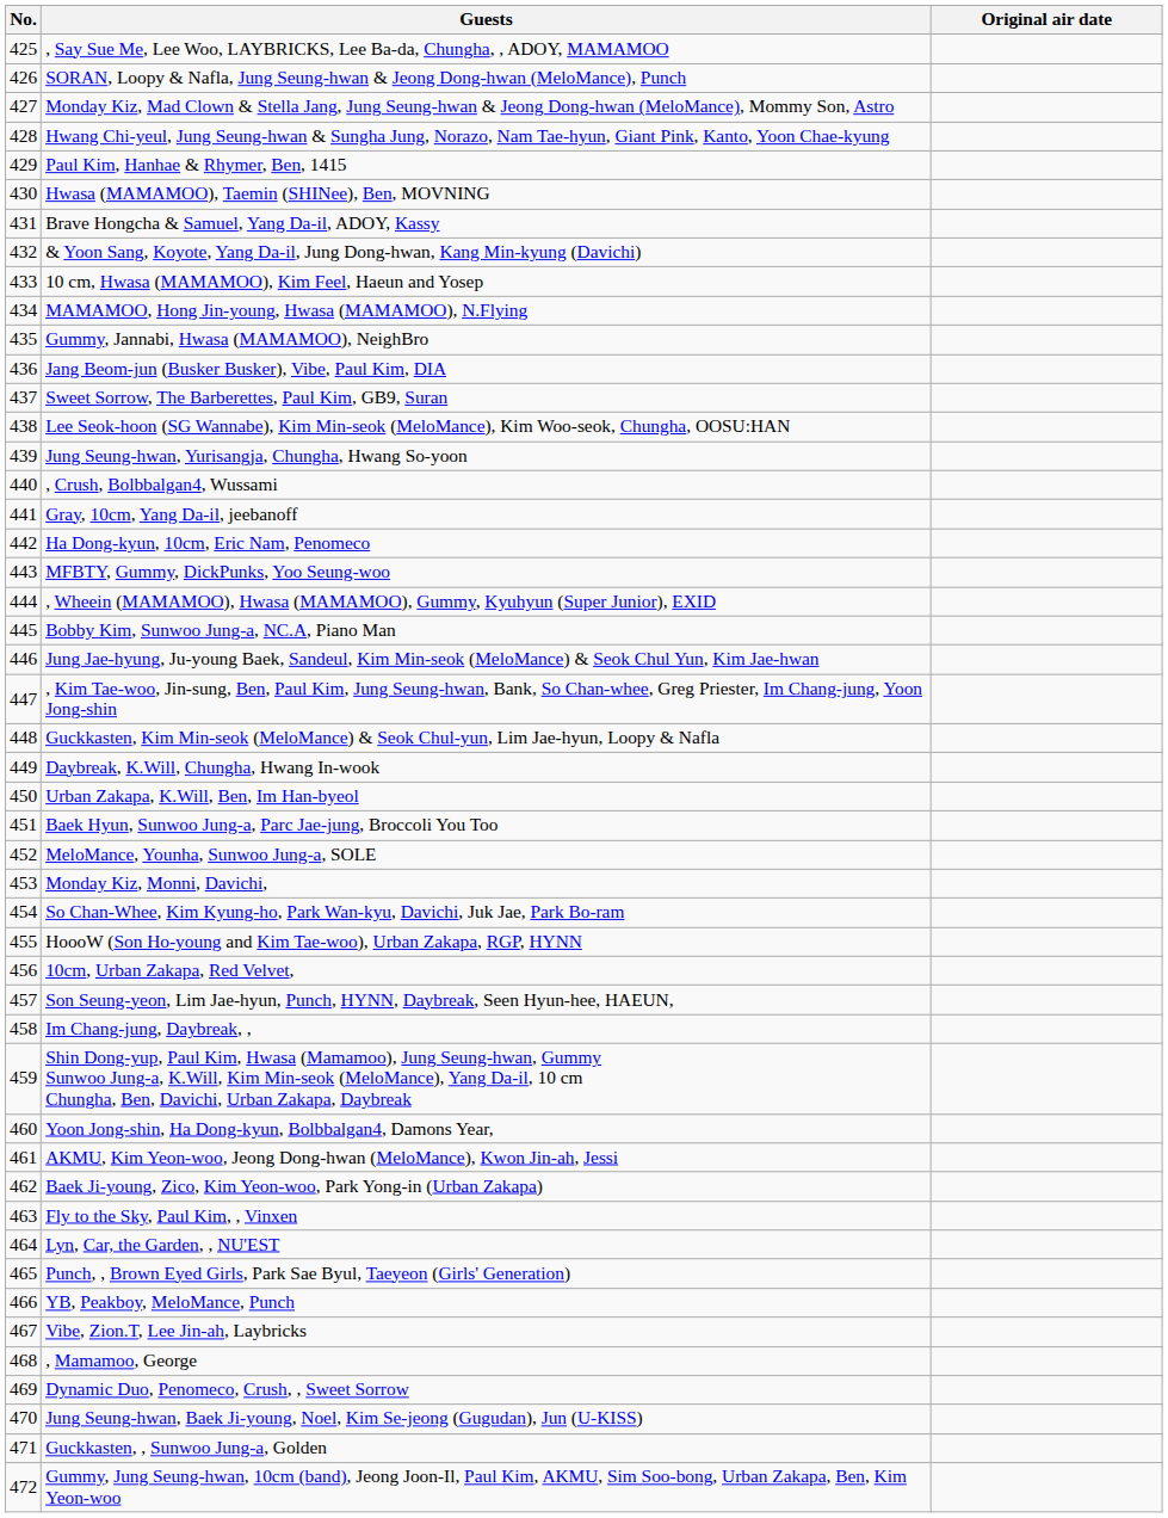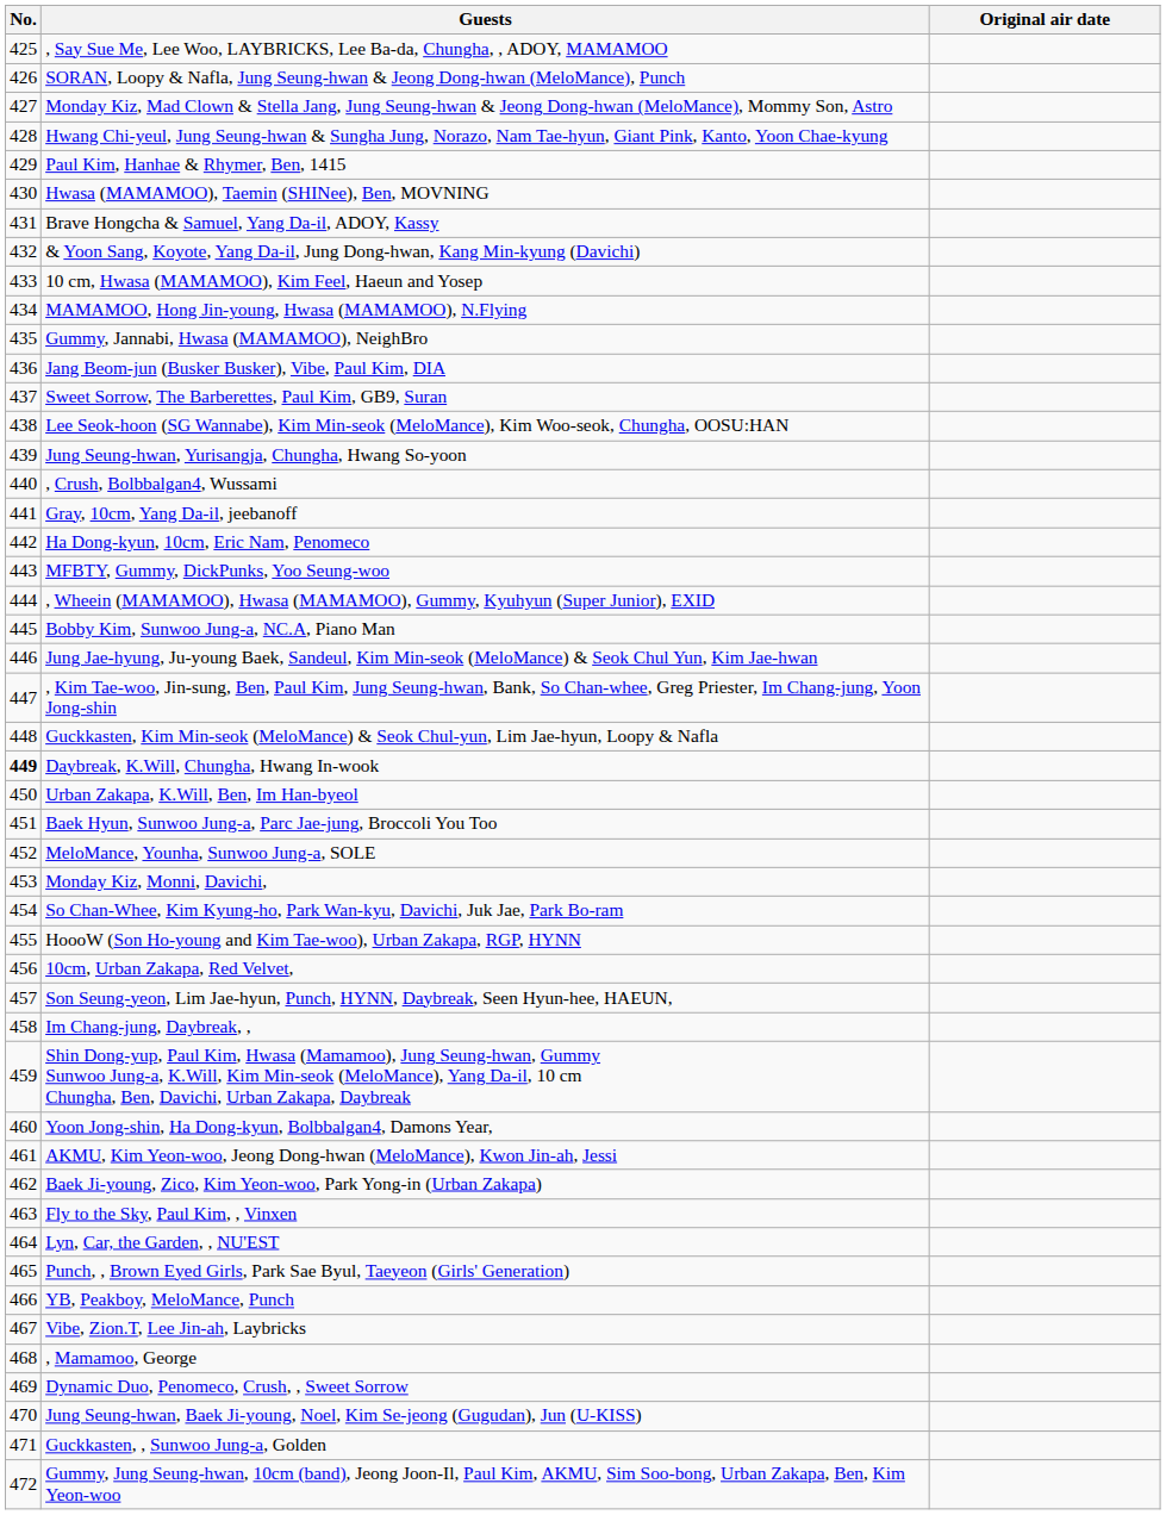 <table class="wikitable" style="width:80%; style="text-align:center" margin:auto; background:#FFFFFF;">
 <tr>
 <th>No.</th>
 <th>Guests</th>
 <th width="20%">Original air date</th>
 </tr>
 <tr>
 <td>425</td>
 <td>, <a href='#'>Say Sue Me</a>, Lee Woo, LAYBRICKS, Lee Ba-da, <a href='#'>Chungha</a>, , ADOY, <a href='#'>MAMAMOO</a></td>
 <td></td>
 </tr>
 <tr>
 <td>426</td>
 <td><a href='#'>SORAN</a>, Loopy & Nafla, <a href='#'>Jung Seung-hwan</a> & <a href='#'>Jeong Dong-hwan (MeloMance)</a>, <a href='#'>Punch</a></td>
 <td></td>
 </tr>
 <tr>
 <td>427</td>
 <td><a href='#'>Monday Kiz</a>, <a href='#'>Mad Clown</a> & <a href='#'>Stella Jang</a>, <a href='#'>Jung Seung-hwan</a> & <a href='#'>Jeong Dong-hwan (MeloMance)</a>, Mommy Son, <a href='#'>Astro</a></td>
 <td></td>
 </tr>
 <tr>
 <td>428</td>
 <td><a href='#'>Hwang Chi-yeul</a>, <a href='#'>Jung Seung-hwan</a> & <a href='#'>Sungha Jung</a>, <a href='#'>Norazo</a>, <a href='#'>Nam Tae-hyun</a>, <a href='#'>Giant Pink</a>, <a href='#'>Kanto</a>, <a href='#'>Yoon Chae-kyung</a></td>
 <td></td>
 </tr>
 <tr>
 <td>429</td>
 <td><a href='#'>Paul Kim</a>, <a href='#'>Hanhae</a> & <a href='#'>Rhymer</a>, <a href='#'>Ben</a>, 1415</td>
 <td></td>
 </tr>
 <tr>
 <td>430</td>
 <td><a href='#'>Hwasa</a> (<a href='#'>MAMAMOO</a>), <a href='#'>Taemin</a> (<a href='#'>SHINee</a>), <a href='#'>Ben</a>, MOVNING</td>
 <td></td>
 </tr>
 <tr>
 <td>431</td>
 <td>Brave Hongcha & <a href='#'>Samuel</a>, <a href='#'>Yang Da-il</a>, ADOY, <a href='#'>Kassy</a></td>
 <td></td>
 </tr>
 <tr>
 <td>432</td>
 <td> & <a href='#'>Yoon Sang</a>, <a href='#'>Koyote</a>, <a href='#'>Yang Da-il</a>, Jung Dong-hwan, <a href='#'>Kang Min-kyung</a> (<a href='#'>Davichi</a>)</td>
 <td></td>
 </tr>
 <tr>
 <td>433</td>
 <td>10 cm, <a href='#'>Hwasa</a> (<a href='#'>MAMAMOO</a>), <a href='#'>Kim Feel</a>, Haeun and Yosep</td>
 <td></td>
 </tr>
 <tr>
 <td>434</td>
 <td><a href='#'>MAMAMOO</a>, <a href='#'>Hong Jin-young</a>, <a href='#'>Hwasa</a> (<a href='#'>MAMAMOO</a>), <a href='#'>N.Flying</a></td>
 <td></td>
 </tr>
 <tr>
 <td>435</td>
 <td><a href='#'>Gummy</a>, Jannabi, <a href='#'>Hwasa</a> (<a href='#'>MAMAMOO</a>), NeighBro</td>
 <td></td>
 </tr>
 <tr>
 <td>436</td>
 <td><a href='#'>Jang Beom-jun</a> (<a href='#'>Busker Busker</a>), <a href='#'>Vibe</a>, <a href='#'>Paul Kim</a>, <a href='#'>DIA</a></td>
 <td></td>
 </tr>
 <tr>
 <td>437</td>
 <td><a href='#'>Sweet Sorrow</a>, <a href='#'>The Barberettes</a>, <a href='#'>Paul Kim</a>, GB9, <a href='#'>Suran</a></td>
 <td></td>
 </tr>
 <tr>
 <td>438</td>
 <td><a href='#'>Lee Seok-hoon</a> (<a href='#'>SG Wannabe</a>), <a href='#'>Kim Min-seok</a> (<a href='#'>MeloMance</a>), Kim Woo-seok, <a href='#'>Chungha</a>, OOSU:HAN</td>
 <td></td>
 </tr>
 <tr>
 <td>439</td>
 <td><a href='#'>Jung Seung-hwan</a>, <a href='#'>Yurisangja</a>, <a href='#'>Chungha</a>, Hwang So-yoon</td>
 <td></td>
 </tr>
 <tr>
 <td>440</td>
 <td>, <a href='#'>Crush</a>, <a href='#'>Bolbbalgan4</a>, Wussami</td>
 <td></td>
 </tr>
 <tr>
 <td>441</td>
 <td><a href='#'>Gray</a>, <a href='#'>10cm</a>, <a href='#'>Yang Da-il</a>, jeebanoff</td>
 <td></td>
 </tr>
 <tr>
 <td>442</td>
 <td><a href='#'>Ha Dong-kyun</a>, <a href='#'>10cm</a>, <a href='#'>Eric Nam</a>, <a href='#'>Penomeco</a></td>
 <td></td>
 </tr>
 <tr>
 <td>443</td>
 <td><a href='#'>MFBTY</a>, <a href='#'>Gummy</a>, <a href='#'>DickPunks</a>, <a href='#'>Yoo Seung-woo</a></td>
 <td></td>
 </tr>
 <tr>
 <td>444</td>
 <td>, <a href='#'>Wheein</a> (<a href='#'>MAMAMOO</a>), <a href='#'>Hwasa</a> (<a href='#'>MAMAMOO</a>), <a href='#'>Gummy</a>, <a href='#'>Kyuhyun</a> (<a href='#'>Super Junior</a>), <a href='#'>EXID</a></td>
 <td></td>
 </tr>
 <tr>
 <td>445</td>
 <td><a href='#'>Bobby Kim</a>, <a href='#'>Sunwoo Jung-a</a>, <a href='#'>NC.A</a>, Piano Man</td>
 <td></td>
 </tr>
 <tr>
 <td>446</td>
 <td><a href='#'>Jung Jae-hyung</a>, Ju-young Baek, <a href='#'>Sandeul</a>, <a href='#'>Kim Min-seok</a> (<a href='#'>MeloMance</a>) & <a href='#'>Seok Chul Yun</a>, <a href='#'>Kim Jae-hwan</a></td>
 <td></td>
 </tr>
 <tr>
 <td>447</td>
 <td>, <a href='#'>Kim Tae-woo</a>, Jin-sung, <a href='#'>Ben</a>, <a href='#'>Paul Kim</a>, <a href='#'>Jung Seung-hwan</a>, Bank, <a href='#'>So Chan-whee</a>, Greg Priester, <a href='#'>Im Chang-jung</a>, <a href='#'>Yoon Jong-shin</a></td>
 <td></td>
 </tr>
 <tr>
 <td>448</td>
 <td><a href='#'>Guckkasten</a>,  <a href='#'>Kim Min-seok</a> (<a href='#'>MeloMance</a>) & <a href='#'>Seok Chul-yun</a>, Lim Jae-hyun, Loopy & Nafla</td>
 <td></td>
 </tr>
 <tr>
-<td>449</td>
+<td><strong>449</strong></td>
 <td><a href='#'>Daybreak</a>, <a href='#'>K.Will</a>, <a href='#'>Chungha</a>, Hwang In-wook</td>
 <td></td>
 </tr>
 <tr>
 <td>450</td>
 <td><a href='#'>Urban Zakapa</a>, <a href='#'>K.Will</a>, <a href='#'>Ben</a>, <a href='#'>Im Han-byeol</a></td>
 <td></td>
 </tr>
 <tr>
 <td>451</td>
 <td><a href='#'>Baek Hyun</a>, <a href='#'>Sunwoo Jung-a</a>, <a href='#'>Parc Jae-jung</a>, Broccoli You Too</td>
 <td></td>
 </tr>
 <tr>
 <td>452</td>
 <td><a href='#'>MeloMance</a>, <a href='#'>Younha</a>, <a href='#'>Sunwoo Jung-a</a>, SOLE</td>
 <td></td>
 </tr>
 <tr>
 <td>453</td>
 <td><a href='#'>Monday Kiz</a>, <a href='#'>Monni</a>, <a href='#'>Davichi</a>, </td>
 <td></td>
 </tr>
 <tr>
 <td>454</td>
 <td><a href='#'>So Chan-Whee</a>, <a href='#'>Kim Kyung-ho</a>, <a href='#'>Park Wan-kyu</a>, <a href='#'>Davichi</a>, Juk Jae, <a href='#'>Park Bo-ram</a></td>
 <td></td>
 </tr>
 <tr>
 <td>455</td>
 <td>HoooW (<a href='#'>Son Ho-young</a> and <a href='#'>Kim Tae-woo</a>), <a href='#'>Urban Zakapa</a>, <a href='#'>RGP</a>, <a href='#'>HYNN</a></td>
 <td></td>
 </tr>
 <tr>
 <td>456</td>
 <td><a href='#'>10cm</a>, <a href='#'>Urban Zakapa</a>, <a href='#'>Red Velvet</a>, </td>
 <td></td>
 </tr>
 <tr>
 <td>457</td>
 <td><a href='#'>Son Seung-yeon</a>, Lim Jae-hyun, <a href='#'>Punch</a>, <a href='#'>HYNN</a>, <a href='#'>Daybreak</a>, Seen Hyun-hee, HAEUN, </td>
 <td></td>
 </tr>
 <tr>
 <td>458</td>
 <td><a href='#'>Im Chang-jung</a>, <a href='#'>Daybreak</a>, , </td>
 <td></td>
 </tr>
 <tr>
 <td>459</td>
 <td><a href='#'>Shin Dong-yup</a>, <a href='#'>Paul Kim</a>, <a href='#'>Hwasa</a> (<a href='#'>Mamamoo</a>), <a href='#'>Jung Seung-hwan</a>, <a href='#'>Gummy</a><br><a href='#'>Sunwoo Jung-a</a>, <a href='#'>K.Will</a>, <a href='#'>Kim Min-seok</a> (<a href='#'>MeloMance</a>), <a href='#'>Yang Da-il</a>, 10 cm<br><a href='#'>Chungha</a>, <a href='#'>Ben</a>, <a href='#'>Davichi</a>, <a href='#'>Urban Zakapa</a>, <a href='#'>Daybreak</a></td>
 <td></td>
 </tr>
 <tr>
 <td>460</td>
 <td><a href='#'>Yoon Jong-shin</a>, <a href='#'>Ha Dong-kyun</a>, <a href='#'>Bolbbalgan4</a>, Damons Year, </td>
 <td></td>
 </tr>
 <tr>
 <td>461</td>
 <td><a href='#'>AKMU</a>, <a href='#'>Kim Yeon-woo</a>, Jeong Dong-hwan (<a href='#'>MeloMance</a>), <a href='#'>Kwon Jin-ah</a>, <a href='#'>Jessi</a></td>
 <td></td>
 </tr>
 <tr>
 <td>462</td>
 <td><a href='#'>Baek Ji-young</a>, <a href='#'>Zico</a>, <a href='#'>Kim Yeon-woo</a>, Park Yong-in (<a href='#'>Urban Zakapa</a>)</td>
 <td></td>
 </tr>
 <tr>
 <td>463</td>
 <td><a href='#'>Fly to the Sky</a>, <a href='#'>Paul Kim</a>, , <a href='#'>Vinxen</a></td>
 <td></td>
 </tr>
 <tr>
 <td>464</td>
 <td><a href='#'>Lyn</a>, <a href='#'>Car, the Garden</a>, , <a href='#'>NU'EST</a></td>
 <td></td>
 </tr>
 <tr>
 <td>465</td>
 <td><a href='#'>Punch</a>, , <a href='#'>Brown Eyed Girls</a>, Park Sae Byul, <a href='#'>Taeyeon</a> (<a href='#'>Girls' Generation</a>)</td>
 <td></td>
 </tr>
 <tr>
 <td>466</td>
 <td><a href='#'>YB</a>, <a href='#'>Peakboy</a>, <a href='#'>MeloMance</a>, <a href='#'>Punch</a></td>
 <td></td>
 </tr>
 <tr>
 <td>467</td>
 <td><a href='#'>Vibe</a>, <a href='#'>Zion.T</a>, <a href='#'>Lee Jin-ah</a>, Laybricks</td>
 <td></td>
 </tr>
 <tr>
 <td>468</td>
 <td>, <a href='#'>Mamamoo</a>, George</td>
 <td></td>
 </tr>
 <tr>
 <td>469</td>
 <td><a href='#'>Dynamic Duo</a>, <a href='#'>Penomeco</a>, <a href='#'>Crush</a>, , <a href='#'>Sweet Sorrow</a></td>
 <td></td>
 </tr>
 <tr>
 <td>470</td>
 <td><a href='#'>Jung Seung-hwan</a>, <a href='#'>Baek Ji-young</a>, <a href='#'>Noel</a>, <a href='#'>Kim Se-jeong</a> (<a href='#'>Gugudan</a>), <a href='#'>Jun</a> (<a href='#'>U-KISS</a>)</td>
 <td></td>
 </tr>
 <tr>
 <td>471</td>
 <td><a href='#'>Guckkasten</a>, , <a href='#'>Sunwoo Jung-a</a>, Golden</td>
 <td></td>
 </tr>
 <tr>
 <td>472</td>
 <td><a href='#'>Gummy</a>, <a href='#'>Jung Seung-hwan</a>, <a href='#'>10cm (band)</a>, Jeong Joon-Il, <a href='#'>Paul Kim</a>, <a href='#'>AKMU</a>, <a href='#'>Sim Soo-bong</a>, <a href='#'>Urban Zakapa</a>, <a href='#'>Ben</a>, <a href='#'>Kim Yeon-woo</a></td>
 <td></td>
 </tr>
 </table>
